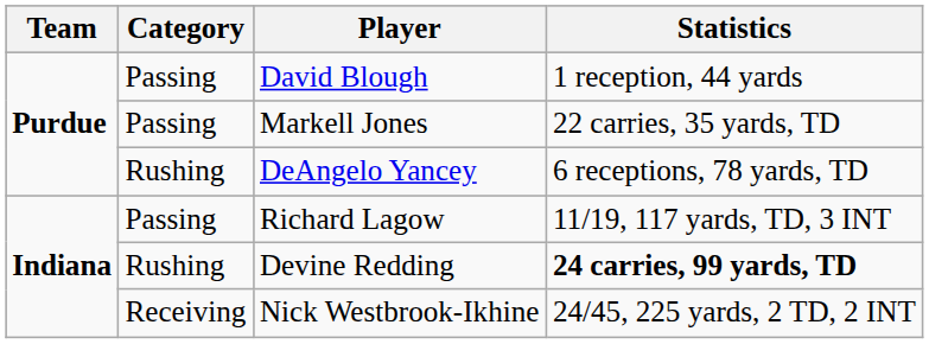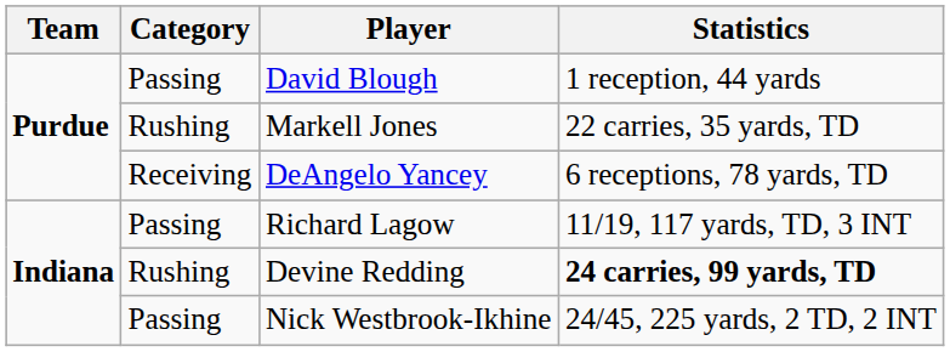 <table class="wikitable" style="float: right;">
 <tr>
 <th>Team</th>
 <th>Category</th>
 <th>Player</th>
 <th>Statistics</th>
 </tr>
 <tr>
 <td rowspan=3><strong>Purdue</strong></td>
 <td>Passing</td>
 <td><a href='#'>David Blough</a></td>
 <td>1 reception, 44 yards</td>
 </tr>
 <tr>
-<td>Passing</td>
+<td>Rushing</td>
 <td>Markell Jones</td>
 <td>22 carries, 35 yards, TD</td>
 </tr>
 <tr>
-<td>Rushing</td>
+<td>Receiving</td>
 <td><a href='#'>DeAngelo Yancey</a></td>
 <td>6 receptions, 78 yards, TD</td>
 </tr>
 <tr>
 <td rowspan=3><strong>Indiana</strong></td>
 <td>Passing</td>
 <td>Richard Lagow</td>
 <td>11/19, 117 yards, TD, 3 INT</td>
 </tr>
 <tr>
 <td>Rushing</td>
 <td>Devine Redding</td>
 <td><strong>24 carries, 99 yards, TD</strong></td>
 </tr>
 <tr>
-<td>Receiving</td>
+<td>Passing</td>
 <td>Nick Westbrook-Ikhine</td>
 <td>24/45, 225 yards, 2 TD, 2 INT</td>
 </tr>
 </table>
